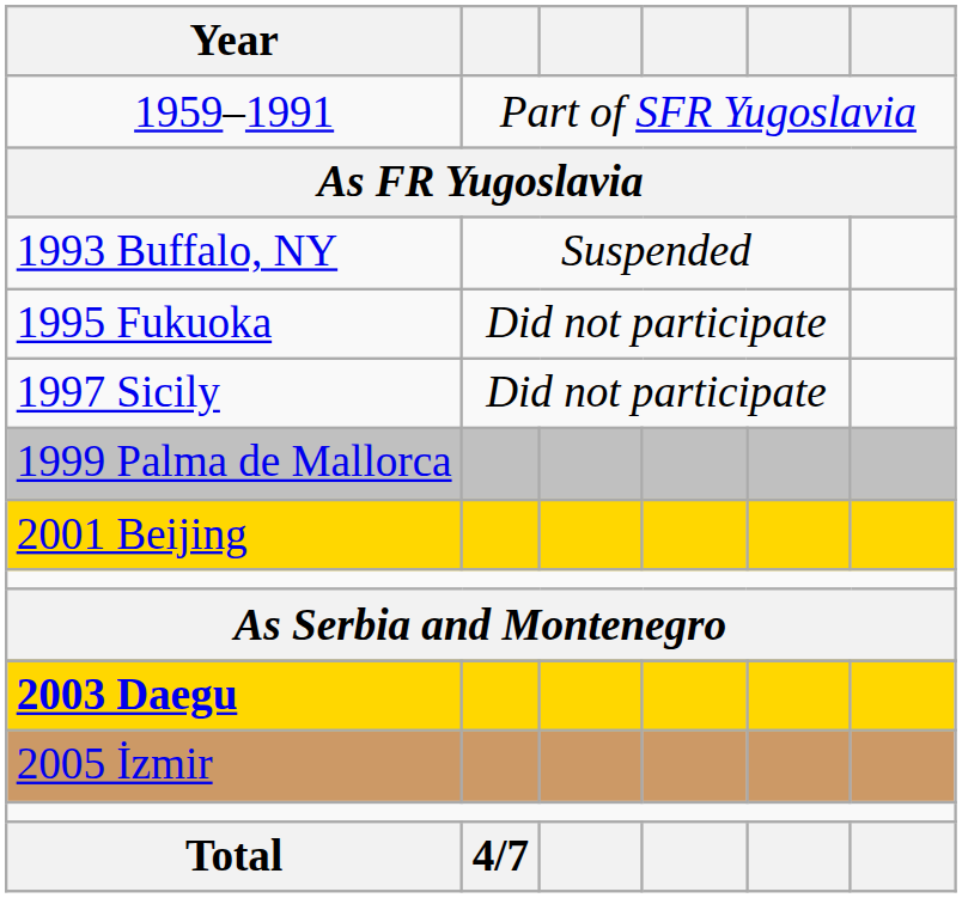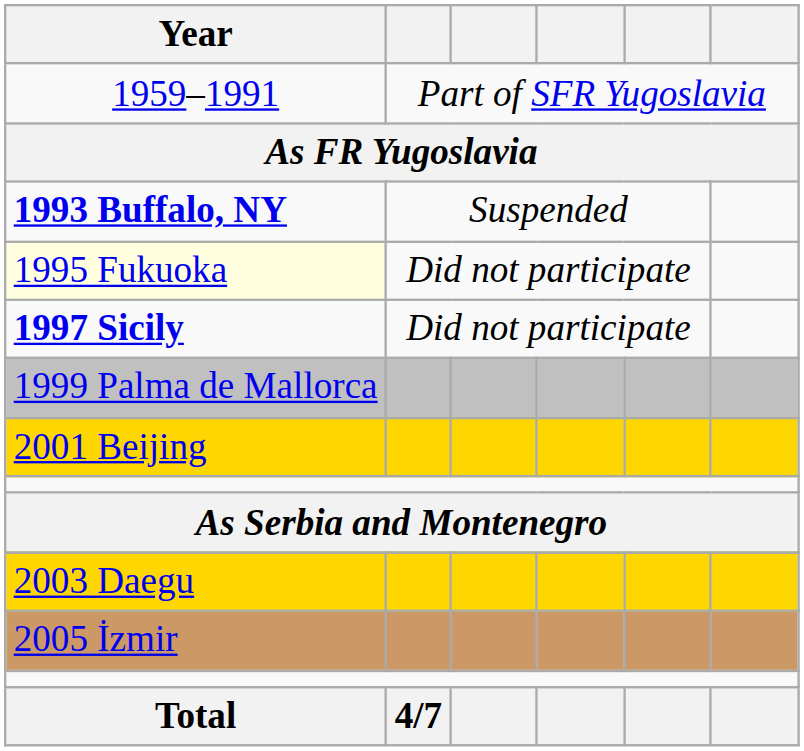 <table class="wikitable" style="text-align: center;">
 <tr>
 <th>Year</th>
 <th></th>
 <th width=30></th>
 <th width=30></th>
 <th width=30></th>
 <th width=30></th>
 </tr>
 <tr>
 <td><a href='#'>1959</a>–<a href='#'>1991</a></td>
 <td colspan=5><em>Part of  <a href='#'>SFR Yugoslavia</a></em></td>
 </tr>
 <tr>
 <th colspan=6><em>As  FR Yugoslavia</em></th>
 </tr>
 <tr>
-<td style="text-align: left;"> <a href='#'>1993 Buffalo, NY</a></td>
+<td style="text-align: left;"><strong> <a href='#'>1993 Buffalo, NY</a></strong></td>
 <td colspan=4><em>Suspended</em></td>
 <td></td>
 </tr>
 <tr>
-<td style="text-align: left;"> <a href='#'>1995 Fukuoka</a></td>
+<td style="background: lightyellow; text-align: left;"> <a href='#'>1995 Fukuoka</a></td>
 <td colspan=4><em>Did not participate</em></td>
 <td></td>
 </tr>
 <tr>
-<td style="text-align: left;"> <a href='#'>1997 Sicily</a></td>
+<td style="text-align: left;"><strong> <a href='#'>1997 Sicily</a></strong></td>
 <td colspan=4><em>Did not participate</em></td>
 <td></td>
 </tr>
 <tr bgcolor=silver>
 <td style="text-align: left;"> <a href='#'>1999 Palma de Mallorca</a></td>
 <td></td>
 <td></td>
 <td></td>
 <td></td>
 <td></td>
 </tr>
 <tr bgcolor=gold>
 <td style="text-align: left;"> <a href='#'>2001 Beijing</a></td>
 <td></td>
 <td></td>
 <td></td>
 <td></td>
 <td></td>
 </tr>
 <tr>
 <td colspan=6></td>
 </tr>
 <tr>
 <th colspan=6><em>As  Serbia and Montenegro</em></th>
 </tr>
 <tr>
 </tr>
 <tr bgcolor=gold>
-<td style="text-align: left;"><strong> <a href='#'>2003 Daegu</a></strong></td>
+<td style="text-align: left;"> <a href='#'>2003 Daegu</a></td>
 <td></td>
 <td></td>
 <td></td>
 <td></td>
 <td></td>
 </tr>
 <tr bgcolor=cc9966>
 <td style="text-align: left;"> <a href='#'>2005 İzmir</a></td>
 <td></td>
 <td></td>
 <td></td>
 <td></td>
 <td></td>
 </tr>
 <tr>
 <td colspan=6></td>
 </tr>
 <tr>
 <th>Total</th>
 <th>4/7</th>
 <th></th>
 <th></th>
 <th></th>
 <th></th>
 </tr>
 </table>
